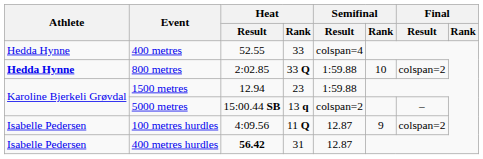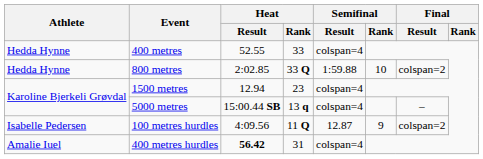 <table class="wikitable" style="font-size:90%">
 <tr>
 <th rowspan="2">Athlete</th>
 <th rowspan="2">Event</th>
 <th colspan="2">Heat</th>
 <th colspan="2">Semifinal</th>
 <th colspan="2">Final</th>
 </tr>
 <tr style="font-size:95%">
 <th>Result</th>
 <th>Rank</th>
 <th>Result</th>
 <th>Rank</th>
 <th>Result</th>
 <th>Rank</th>
 </tr>
 <tr style=text-align:center>
 <td style=text-align:left><a href='#'>Hedda Hynne</a></td>
 <td style=text-align:left><a href='#'>400 metres</a></td>
 <td>52.55</td>
 <td>33</td>
 <td>colspan=4 </td>
 </tr>
 <tr style=text-align:center>
-<td style=text-align:left><strong><a href='#'>Hedda Hynne</a></strong></td>
+<td style=text-align:left><a href='#'>Hedda Hynne</a></td>
 <td style=text-align:left><a href='#'>800 metres</a></td>
 <td>2:02.85</td>
 <td>33 <strong>Q</strong></td>
 <td>1:59.88</td>
 <td>10</td>
 <td>colspan=2 </td>
 </tr>
 <tr style=text-align:center>
 <td style=text-align:left rowspan=2><a href='#'>Karoline Bjerkeli Grøvdal</a></td>
 <td style=text-align:left><a href='#'>1500 metres</a></td>
 <td>12.94</td>
 <td>23</td>
-<td>1:59.88</td>
+<td>colspan=4 </td>
 </tr>
 <tr style=text-align:center>
 <td style=text-align:left><a href='#'>5000 metres</a></td>
 <td>15:00.44 <strong>SB</strong></td>
 <td>13 <strong>q</strong></td>
-<td>colspan=2 </td>
+<td>colspan=4 </td>
 <td></td>
 <td>–</td>
 </tr>
 <tr style=text-align:center>
 <td style=text-align:left><a href='#'>Isabelle Pedersen</a></td>
 <td style=text-align:left><a href='#'>100 metres hurdles</a></td>
 <td>4:09.56</td>
 <td>11 <strong>Q</strong></td>
 <td>12.87</td>
 <td>9</td>
 <td>colspan=2 </td>
 </tr>
 <tr style=text-align:center>
-<td style=text-align:left><a href='#'>Isabelle Pedersen</a></td>
+<td style=text-align:left><a href='#'>Amalie Iuel</a></td>
 <td style=text-align:left rowspan=4><a href='#'>400 metres hurdles</a></td>
 <td><strong>56.42</strong></td>
 <td>31</td>
-<td>12.87</td>
+<td>colspan=4 </td>
 </tr>
 </table>
